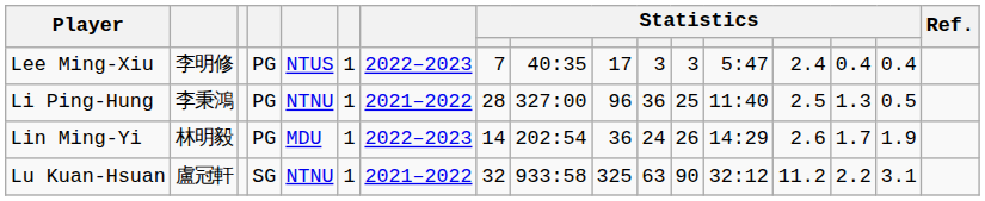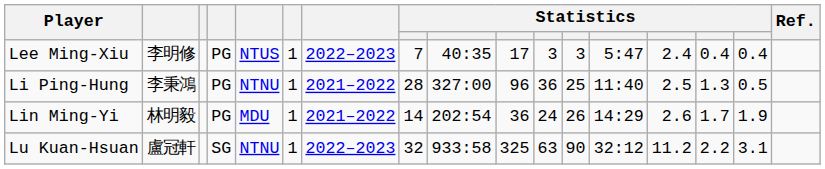 <table class="wikitable sortable" style="font-size:95%; text-align:right;">
 <tr>
 <th rowspan="2">Player</th>
 <th rowspan="2"></th>
 <th rowspan="2"></th>
 <th rowspan="2"></th>
 <th rowspan="2"></th>
 <th rowspan="2"></th>
 <th rowspan="2"></th>
 <th colspan="9">Statistics</th>
 <th rowspan="2">Ref.</th>
 </tr>
 <tr>
 <th></th>
 <th></th>
 <th></th>
 <th></th>
 <th></th>
 <th></th>
 <th></th>
 <th></th>
 <th></th>
 </tr>
 <tr>
 <td align="left">Lee Ming-Xiu</td>
 <td align="left">李明修</td>
 <td align="center"></td>
 <td align="center">PG</td>
 <td align="left"><a href='#'>NTUS</a></td>
 <td align="center">1</td>
 <td align="center"><a href='#'>2022–2023</a></td>
 <td>7</td>
 <td>40:35</td>
 <td>17</td>
 <td>3</td>
 <td>3</td>
 <td>5:47</td>
 <td>2.4</td>
 <td>0.4</td>
 <td>0.4</td>
 <td align="center"></td>
 </tr>
 <tr>
 <td align="left">Li Ping-Hung</td>
 <td align="left">李秉鴻</td>
 <td align="center"></td>
 <td align="center">PG</td>
 <td align="left"><a href='#'>NTNU</a></td>
 <td align="center">1</td>
 <td align="center"><a href='#'>2021–2022</a></td>
 <td>28</td>
 <td>327:00</td>
 <td>96</td>
 <td>36</td>
 <td>25</td>
 <td>11:40</td>
 <td>2.5</td>
 <td>1.3</td>
 <td>0.5</td>
 <td align="center"></td>
 </tr>
 <tr>
 <td align="left">Lin Ming-Yi</td>
 <td align="left">林明毅</td>
 <td align="center"></td>
 <td align="center">PG</td>
 <td align="left"><a href='#'>MDU</a></td>
 <td align="center">1</td>
-<td align="center"><a href='#'>2022–2023</a></td>
+<td align="center"><a href='#'>2021–2022</a></td>
 <td>14</td>
 <td>202:54</td>
 <td>36</td>
 <td>24</td>
 <td>26</td>
 <td>14:29</td>
 <td>2.6</td>
 <td>1.7</td>
 <td>1.9</td>
 <td align="center"></td>
 </tr>
 <tr>
 <td align="left">Lu Kuan-Hsuan</td>
 <td align="left">盧冠軒</td>
 <td align="center"></td>
 <td align="center">SG</td>
 <td align="left"><a href='#'>NTNU</a></td>
 <td align="center">1</td>
-<td align="center"><a href='#'>2021–2022</a></td>
+<td align="center"><a href='#'>2022–2023</a></td>
 <td>32</td>
 <td>933:58</td>
 <td>325</td>
 <td>63</td>
 <td>90</td>
 <td>32:12</td>
 <td>11.2</td>
 <td>2.2</td>
 <td>3.1</td>
 <td align="center"></td>
 </tr>
 </table>
